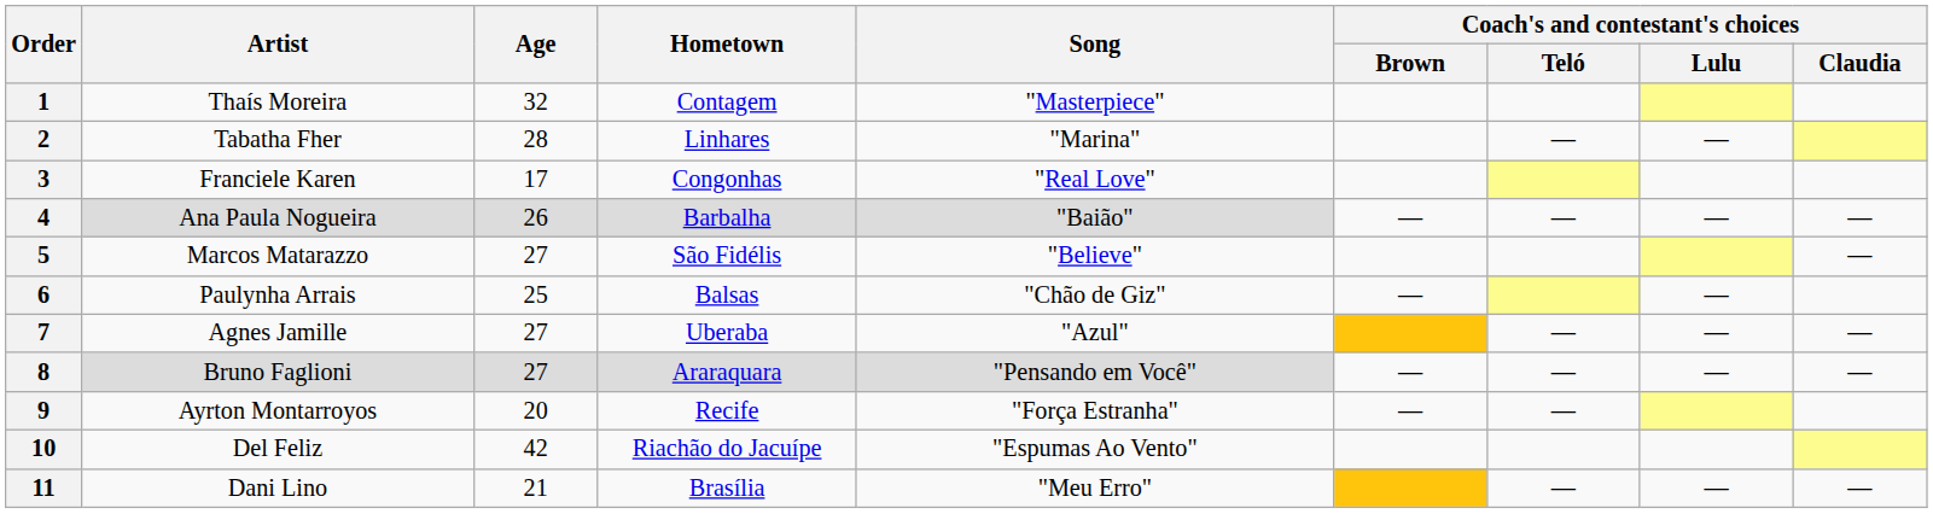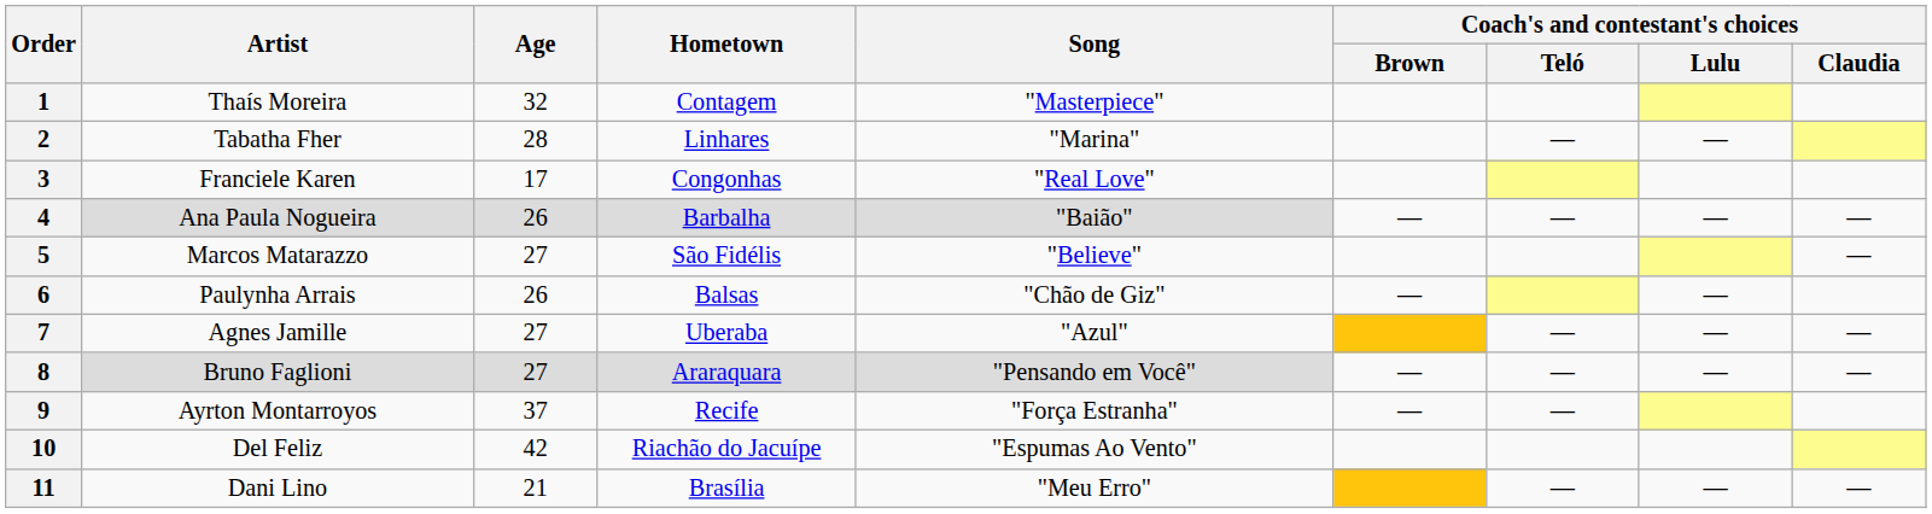 <table class="wikitable" style="text-align:center; width:100%;">
 <tr>
 <th rowspan=2 width="03.5%">Order</th>
 <th rowspan=2 width="20.5%">Artist</th>
 <th rowspan=2 width="06.5%">Age</th>
 <th rowspan=2 width="13.5%">Hometown</th>
 <th rowspan=2 width="25.0%">Song</th>
 <th colspan=4 width="32.0%">Coach's and contestant's choices</th>
 </tr>
 <tr>
 <th width="8.0%">Brown</th>
 <th width="8.0%">Teló</th>
 <th width="8.0%">Lulu</th>
 <th width="8.0%">Claudia</th>
 </tr>
 <tr>
 <th>1</th>
 <td>Thaís Moreira</td>
 <td>32</td>
 <td><a href='#'>Contagem</a></td>
 <td>"<a href='#'>Masterpiece</a>"</td>
 <td style=><strong></strong></td>
 <td style=><strong></strong></td>
 <td style="background-color:#fdfc8f"><strong></strong></td>
 <td style=><strong></strong></td>
 </tr>
 <tr>
 <th>2</th>
 <td>Tabatha Fher</td>
 <td>28</td>
 <td><a href='#'>Linhares</a></td>
 <td>"Marina"</td>
 <td><strong></strong></td>
 <td>—</td>
 <td>—</td>
 <td style="background-color:#fdfc8f"><strong></strong></td>
 </tr>
 <tr>
 <th>3</th>
 <td>Franciele Karen </td>
 <td>17</td>
 <td><a href='#'>Congonhas</a></td>
 <td>"<a href='#'>Real Love</a>"</td>
 <td style=><strong></strong></td>
 <td style="background-color:#fdfc8f;"><strong></strong></td>
 <td style=><strong></strong></td>
 <td style=><strong></strong></td>
 </tr>
 <tr>
 <th>4</th>
 <td style="background-color:#dcdcdc">Ana Paula Nogueira</td>
 <td style="background-color:#dcdcdc">26</td>
 <td style="background-color:#dcdcdc"><a href='#'>Barbalha</a></td>
 <td style="background-color:#dcdcdc">"Baião"</td>
 <td>—</td>
 <td>—</td>
 <td>—</td>
 <td>—</td>
 </tr>
 <tr>
 <th>5</th>
 <td>Marcos Matarazzo</td>
 <td>27</td>
 <td><a href='#'>São Fidélis</a></td>
 <td>"<a href='#'>Believe</a>"</td>
 <td><strong></strong></td>
 <td><strong></strong></td>
 <td style="background-color:#fdfc8f"><strong></strong></td>
 <td>—</td>
 </tr>
 <tr>
 <th>6</th>
 <td>Paulynha Arrais</td>
-<td>25</td>
+<td>26</td>
 <td><a href='#'>Balsas</a></td>
 <td>"Chão de Giz"</td>
 <td>—</td>
 <td style="background-color:#fdfc8f"><strong></strong></td>
 <td>—</td>
 <td><strong></strong></td>
 </tr>
 <tr>
 <th>7</th>
 <td>Agnes Jamille</td>
 <td>27</td>
 <td><a href='#'>Uberaba</a></td>
 <td>"Azul"</td>
 <td style="background-color:#FFC40C"><strong></strong></td>
 <td>—</td>
 <td>—</td>
 <td>—</td>
 </tr>
 <tr>
 <th>8</th>
 <td style="background-color:#dcdcdc">Bruno Faglioni</td>
 <td style="background-color:#dcdcdc">27</td>
 <td style="background-color:#dcdcdc"><a href='#'>Araraquara</a></td>
 <td style="background-color:#dcdcdc">"Pensando em Você"</td>
 <td>—</td>
 <td>—</td>
 <td>—</td>
 <td>—</td>
 </tr>
 <tr>
 <th>9</th>
 <td>Ayrton Montarroyos</td>
-<td>20</td>
+<td>37</td>
 <td><a href='#'>Recife</a></td>
 <td>"Força Estranha"</td>
 <td>—</td>
 <td>—</td>
 <td style="background-color:#fdfc8f"><strong></strong></td>
 <td><strong></strong></td>
 </tr>
 <tr>
 <th>10</th>
 <td>Del Feliz</td>
 <td>42</td>
 <td><a href='#'>Riachão do Jacuípe</a></td>
 <td>"Espumas Ao Vento"</td>
 <td style=><strong></strong></td>
 <td style=><strong></strong></td>
 <td style=><strong></strong></td>
 <td style="background-color:#fdfc8f"><strong></strong></td>
 </tr>
 <tr>
 <th>11</th>
 <td>Dani Lino</td>
 <td>21</td>
 <td><a href='#'>Brasília</a></td>
 <td>"Meu Erro"</td>
 <td style="background-color:#FFC40C"><strong></strong></td>
 <td>—</td>
 <td>—</td>
 <td>—</td>
 </tr>
 </table>
